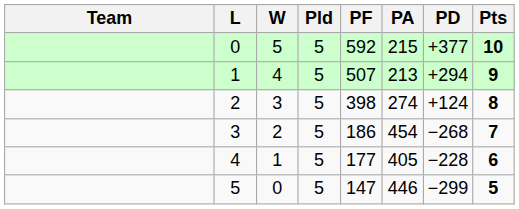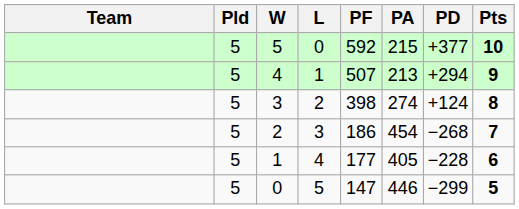 <table class=wikitable style="text-align:center">
 <tr>
 <th width=180>Team</th>
+<th width=30>Pld</th>
+<th width=30>W</th>
 <th width=30>L</th>
-<th width=30>W</th>
-<th width=30>Pld</th>
 <th width=30>PF</th>
 <th width=30>PA</th>
 <th width=30>PD</th>
 <th width=30>Pts</th>
 </tr>
 <tr align=center bgcolor="#ccffcc">
 <td align=left></td>
-<td>0</td>
 <td>5</td>
 <td>5</td>
+<td>0</td>
 <td>592</td>
 <td>215</td>
 <td>+377</td>
 <td><strong>10</strong></td>
 </tr>
 <tr align=center bgcolor="#ccffcc">
 <td align=left></td>
+<td>5</td>
+<td>4</td>
 <td>1</td>
-<td>4</td>
-<td>5</td>
 <td>507</td>
 <td>213</td>
 <td>+294</td>
 <td><strong>9</strong></td>
 </tr>
 <tr align=center>
 <td align=left></td>
+<td>5</td>
+<td>3</td>
 <td>2</td>
-<td>3</td>
-<td>5</td>
 <td>398</td>
 <td>274</td>
 <td>+124</td>
 <td><strong>8</strong></td>
 </tr>
 <tr align=center>
 <td align=left></td>
+<td>5</td>
+<td>2</td>
 <td>3</td>
-<td>2</td>
-<td>5</td>
 <td>186</td>
 <td>454</td>
 <td>−268</td>
 <td><strong>7</strong></td>
 </tr>
 <tr align=center>
 <td align=left></td>
+<td>5</td>
+<td>1</td>
 <td>4</td>
-<td>1</td>
-<td>5</td>
 <td>177</td>
 <td>405</td>
 <td>−228</td>
 <td><strong>6</strong></td>
 </tr>
 <tr align=center>
 <td align=left></td>
 <td>5</td>
 <td>0</td>
 <td>5</td>
 <td>147</td>
 <td>446</td>
 <td>−299</td>
 <td><strong>5</strong></td>
 </tr>
 </table>
